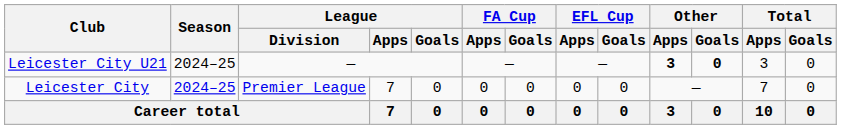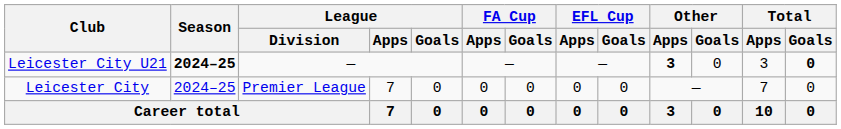 <table class=wikitable style=text-align:center>
 <tr>
 <th rowspan=2>Club</th>
 <th rowspan=2>Season</th>
 <th colspan=3>League</th>
 <th colspan=2><a href='#'>FA Cup</a></th>
 <th colspan=2><a href='#'>EFL Cup</a></th>
 <th colspan=2>Other</th>
 <th colspan=2>Total</th>
 </tr>
 <tr>
 <th>Division</th>
 <th>Apps</th>
 <th>Goals</th>
 <th>Apps</th>
 <th>Goals</th>
 <th>Apps</th>
 <th>Goals</th>
 <th>Apps</th>
 <th>Goals</th>
 <th>Apps</th>
 <th>Goals</th>
 </tr>
 <tr>
 <td><a href='#'>Leicester City U21</a></td>
-<td>2024–25</td>
+<td><strong>2024–25</strong></td>
 <td colspan=3>—</td>
 <td colspan=2>—</td>
 <td colspan=2>—</td>
 <td><strong>3</strong></td>
+<td>0</td>
+<td>3</td>
 <td><strong>0</strong></td>
-<td>3</td>
-<td>0</td>
 </tr>
 <tr>
 <td><a href='#'>Leicester City</a></td>
 <td><a href='#'>2024–25</a></td>
 <td><a href='#'>Premier League</a></td>
 <td>7</td>
 <td>0</td>
 <td>0</td>
 <td>0</td>
 <td>0</td>
 <td>0</td>
 <td colspan=2>—</td>
 <td>7</td>
 <td>0</td>
 </tr>
 <tr>
 <th colspan=3>Career total</th>
 <th>7</th>
 <th>0</th>
 <th>0</th>
 <th>0</th>
 <th>0</th>
 <th>0</th>
 <th>3</th>
 <th>0</th>
 <th>10</th>
 <th>0</th>
 </tr>
 </table>
